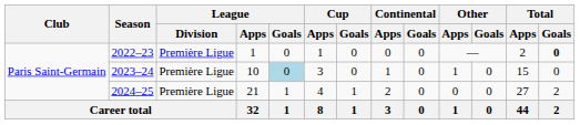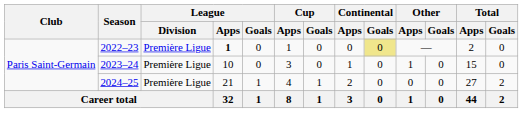 <table class="wikitable" style="text-align: center;">
 <tr>
 <th rowspan="2">Club</th>
 <th rowspan="2">Season</th>
 <th colspan="3">League</th>
 <th colspan="2">Cup</th>
 <th colspan="2">Continental</th>
 <th colspan="2">Other</th>
 <th colspan="2">Total</th>
 </tr>
 <tr>
 <th>Division</th>
 <th>Apps</th>
 <th>Goals</th>
 <th>Apps</th>
 <th>Goals</th>
 <th>Apps</th>
 <th>Goals</th>
 <th>Apps</th>
 <th>Goals</th>
 <th>Apps</th>
 <th>Goals</th>
 </tr>
 <tr>
 <td rowspan="3"><a href='#'>Paris Saint-Germain</a></td>
 <td><a href='#'>2022–23</a></td>
 <td><a href='#'>Première Ligue</a></td>
-<td>1</td>
+<td><strong>1</strong></td>
 <td>0</td>
 <td>1</td>
 <td>0</td>
 <td>0</td>
-<td>0</td>
+<td style="background: khaki;">0</td>
 <td colspan="2">—</td>
 <td>2</td>
-<td><strong>0</strong></td>
+<td>0</td>
 </tr>
 <tr>
 <td><a href='#'>2023–24</a></td>
 <td>Première Ligue</td>
 <td>10</td>
-<td style="background: lightblue;">0</td>
+<td>0</td>
 <td>3</td>
 <td>0</td>
 <td>1</td>
 <td>0</td>
 <td>1</td>
 <td>0</td>
 <td>15</td>
 <td>0</td>
 </tr>
 <tr>
 <td><a href='#'>2024–25</a></td>
 <td>Première Ligue</td>
 <td>21</td>
 <td>1</td>
 <td>4</td>
 <td>1</td>
 <td>2</td>
 <td>0</td>
 <td>0</td>
 <td>0</td>
 <td>27</td>
 <td>2</td>
 </tr>
 <tr>
 <th colspan=3>Career total</th>
 <th>32</th>
 <th>1</th>
 <th>8</th>
 <th>1</th>
 <th>3</th>
 <th>0</th>
 <th>1</th>
 <th>0</th>
 <th>44</th>
 <th>2</th>
 </tr>
 </table>
